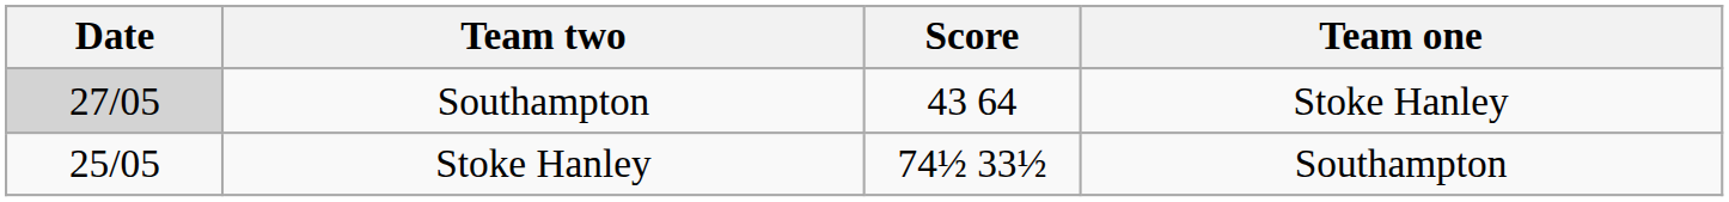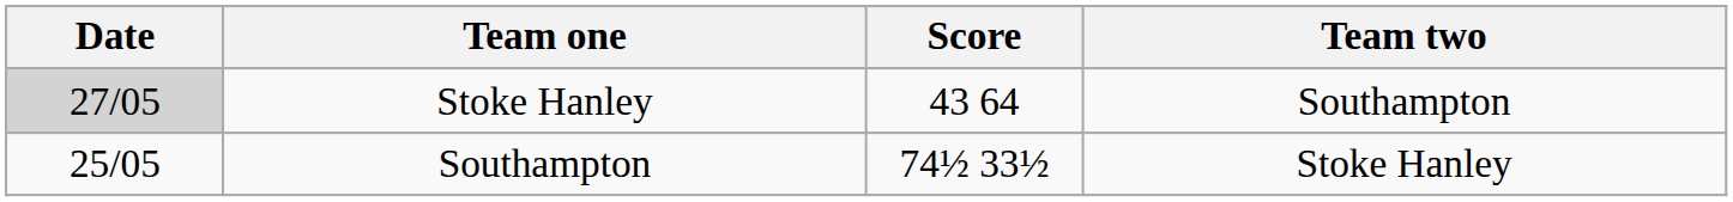 <table class="wikitable" style="text-align: center">
 <tr>
 <th width=80>Date</th>
+<th width=250>Team one</th>
+<th width=80>Score</th>
 <th width=250>Team two</th>
-<th width=80>Score</th>
-<th width=250>Team one</th>
 </tr>
 <tr>
 <td style="background: lightgrey;">27/05</td>
+<td>Stoke Hanley</td>
+<td>43	64</td>
 <td>Southampton</td>
-<td>43	64</td>
-<td>Stoke Hanley</td>
 </tr>
 <tr>
 <td>25/05</td>
+<td>Southampton</td>
+<td>74½	33½</td>
 <td>Stoke Hanley</td>
-<td>74½	33½</td>
-<td>Southampton</td>
 </tr>
 </table>
